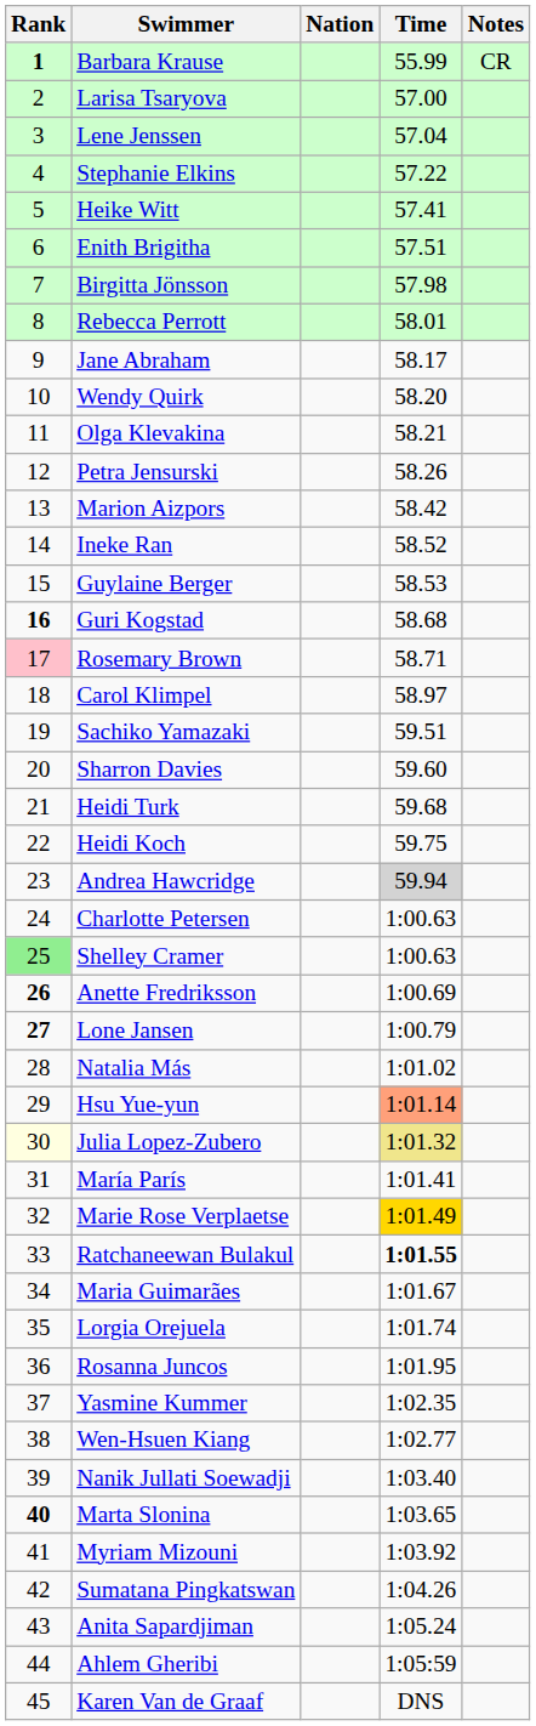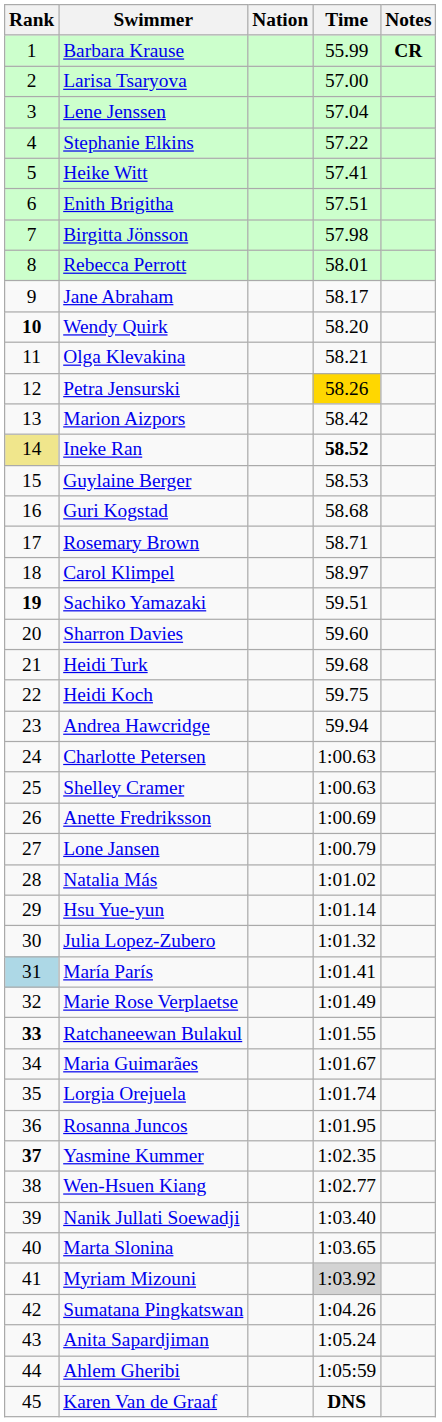 <table class="wikitable sortable" style="text-align:center">
 <tr>
 <th>Rank</th>
 <th>Swimmer</th>
 <th>Nation</th>
 <th>Time</th>
 <th>Notes</th>
 </tr>
 <tr bgcolor=ccffcc>
-<td><strong>1</strong></td>
+<td>1</td>
 <td align=left><a href='#'>Barbara Krause</a></td>
 <td align=left></td>
 <td>55.99</td>
-<td>CR</td>
+<td><strong>CR</strong></td>
 </tr>
 <tr bgcolor=ccffcc>
 <td>2</td>
 <td align=left><a href='#'>Larisa Tsaryova</a></td>
 <td align=left></td>
 <td>57.00</td>
 <td></td>
 </tr>
 <tr bgcolor=ccffcc>
 <td>3</td>
 <td align=left><a href='#'>Lene Jenssen</a></td>
 <td align=left></td>
 <td>57.04</td>
 <td></td>
 </tr>
 <tr bgcolor=ccffcc>
 <td>4</td>
 <td align=left><a href='#'>Stephanie Elkins</a></td>
 <td align=left></td>
 <td>57.22</td>
 <td></td>
 </tr>
 <tr bgcolor=ccffcc>
 <td>5</td>
 <td align=left><a href='#'>Heike Witt</a></td>
 <td align=left></td>
 <td>57.41</td>
 <td></td>
 </tr>
 <tr bgcolor=ccffcc>
 <td>6</td>
 <td align=left><a href='#'>Enith Brigitha</a></td>
 <td align=left></td>
 <td>57.51</td>
 <td></td>
 </tr>
 <tr bgcolor=ccffcc>
 <td>7</td>
 <td align=left><a href='#'>Birgitta Jönsson</a></td>
 <td align=left></td>
 <td>57.98</td>
 <td></td>
 </tr>
 <tr bgcolor=ccffcc>
 <td>8</td>
 <td align=left><a href='#'>Rebecca Perrott</a></td>
 <td align=left></td>
 <td>58.01</td>
 <td></td>
 </tr>
 <tr>
 <td>9</td>
 <td align=left><a href='#'>Jane Abraham</a></td>
 <td align=left></td>
 <td>58.17</td>
 <td></td>
 </tr>
 <tr>
-<td>10</td>
+<td><strong>10</strong></td>
 <td align=left><a href='#'>Wendy Quirk</a></td>
 <td align=left></td>
 <td>58.20</td>
 <td></td>
 </tr>
 <tr>
 <td>11</td>
 <td align=left><a href='#'>Olga Klevakina</a></td>
 <td align=left></td>
 <td>58.21</td>
 <td></td>
 </tr>
 <tr>
 <td>12</td>
 <td align=left><a href='#'>Petra Jensurski</a></td>
 <td align=left></td>
-<td>58.26</td>
+<td style="background: gold;">58.26</td>
 <td></td>
 </tr>
 <tr>
 <td>13</td>
 <td align=left><a href='#'>Marion Aizpors</a></td>
 <td align=left></td>
 <td>58.42</td>
 <td></td>
 </tr>
 <tr>
-<td>14</td>
+<td style="background: khaki;">14</td>
 <td align=left><a href='#'>Ineke Ran</a></td>
 <td align=left></td>
-<td>58.52</td>
+<td><strong>58.52</strong></td>
 <td></td>
 </tr>
 <tr>
 <td>15</td>
 <td align=left><a href='#'>Guylaine Berger</a></td>
 <td align=left></td>
 <td>58.53</td>
 <td></td>
 </tr>
 <tr>
-<td><strong>16</strong></td>
+<td>16</td>
 <td align=left><a href='#'>Guri Kogstad</a></td>
 <td align=left></td>
 <td>58.68</td>
 <td></td>
 </tr>
 <tr>
-<td style="background: pink;">17</td>
+<td>17</td>
 <td align=left><a href='#'>Rosemary Brown</a></td>
 <td align=left></td>
 <td>58.71</td>
 <td></td>
 </tr>
 <tr>
 <td>18</td>
 <td align=left><a href='#'>Carol Klimpel</a></td>
 <td align=left></td>
 <td>58.97</td>
 <td></td>
 </tr>
 <tr>
-<td>19</td>
+<td><strong>19</strong></td>
 <td align=left><a href='#'>Sachiko Yamazaki</a></td>
 <td align=left></td>
 <td>59.51</td>
 <td></td>
 </tr>
 <tr>
 <td>20</td>
 <td align=left><a href='#'>Sharron Davies</a></td>
 <td align=left></td>
 <td>59.60</td>
 <td></td>
 </tr>
 <tr>
 <td>21</td>
 <td align=left><a href='#'>Heidi Turk</a></td>
 <td align=left></td>
 <td>59.68</td>
 <td></td>
 </tr>
 <tr>
 <td>22</td>
 <td align=left><a href='#'>Heidi Koch</a></td>
 <td align=left></td>
 <td>59.75</td>
 <td></td>
 </tr>
 <tr>
 <td>23</td>
 <td align=left><a href='#'>Andrea Hawcridge</a></td>
 <td align=left></td>
-<td style="background: lightgrey;">59.94</td>
+<td>59.94</td>
 <td></td>
 </tr>
 <tr>
 <td>24</td>
 <td align=left><a href='#'>Charlotte Petersen</a></td>
 <td align=left></td>
 <td>1:00.63</td>
 <td></td>
 </tr>
 <tr>
-<td style="background: lightgreen;">25</td>
+<td>25</td>
 <td align=left><a href='#'>Shelley Cramer</a></td>
 <td align=left></td>
 <td>1:00.63</td>
 <td></td>
 </tr>
 <tr>
-<td><strong>26</strong></td>
+<td>26</td>
 <td align=left><a href='#'>Anette Fredriksson</a></td>
 <td align=left></td>
 <td>1:00.69</td>
 <td></td>
 </tr>
 <tr>
-<td><strong>27</strong></td>
+<td>27</td>
 <td align=left><a href='#'>Lone Jansen</a></td>
 <td align=left></td>
 <td>1:00.79</td>
 <td></td>
 </tr>
 <tr>
 <td>28</td>
 <td align=left><a href='#'>Natalia Más</a></td>
 <td align=left></td>
 <td>1:01.02</td>
 <td></td>
 </tr>
 <tr>
 <td>29</td>
 <td align=left><a href='#'>Hsu Yue-yun</a></td>
 <td align=left></td>
-<td style="background: lightsalmon;">1:01.14</td>
+<td>1:01.14</td>
 <td></td>
 </tr>
 <tr>
-<td style="background: lightyellow;">30</td>
+<td>30</td>
 <td align=left><a href='#'>Julia Lopez-Zubero</a></td>
 <td align=left></td>
-<td style="background: khaki;">1:01.32</td>
+<td>1:01.32</td>
 <td></td>
 </tr>
 <tr>
-<td>31</td>
+<td style="background: lightblue;">31</td>
 <td align=left><a href='#'>María París</a></td>
 <td align=left></td>
 <td>1:01.41</td>
 <td></td>
 </tr>
 <tr>
 <td>32</td>
 <td align=left><a href='#'>Marie Rose Verplaetse</a></td>
 <td align=left></td>
-<td style="background: gold;">1:01.49</td>
+<td>1:01.49</td>
 <td></td>
 </tr>
 <tr>
-<td>33</td>
+<td><strong>33</strong></td>
 <td align=left><a href='#'>Ratchaneewan Bulakul</a></td>
 <td align=left></td>
-<td><strong>1:01.55</strong></td>
+<td>1:01.55</td>
 <td></td>
 </tr>
 <tr>
 <td>34</td>
 <td align=left><a href='#'>Maria Guimarães</a></td>
 <td align=left></td>
 <td>1:01.67</td>
 <td></td>
 </tr>
 <tr>
 <td>35</td>
 <td align=left><a href='#'>Lorgia Orejuela</a></td>
 <td align=left></td>
 <td>1:01.74</td>
 <td></td>
 </tr>
 <tr>
 <td>36</td>
 <td align=left><a href='#'>Rosanna Juncos</a></td>
 <td align=left></td>
 <td>1:01.95</td>
 <td></td>
 </tr>
 <tr>
-<td>37</td>
+<td><strong>37</strong></td>
 <td align=left><a href='#'>Yasmine Kummer</a></td>
 <td align=left></td>
 <td>1:02.35</td>
 <td></td>
 </tr>
 <tr>
 <td>38</td>
 <td align=left><a href='#'>Wen-Hsuen Kiang</a></td>
 <td align=left></td>
 <td>1:02.77</td>
 <td></td>
 </tr>
 <tr>
 <td>39</td>
 <td align=left><a href='#'>Nanik Jullati Soewadji</a></td>
 <td align=left></td>
 <td>1:03.40</td>
 <td></td>
 </tr>
 <tr>
-<td><strong>40</strong></td>
+<td>40</td>
 <td align=left><a href='#'>Marta Slonina</a></td>
 <td align=left></td>
 <td>1:03.65</td>
 <td></td>
 </tr>
 <tr>
 <td>41</td>
 <td align=left><a href='#'>Myriam Mizouni</a></td>
 <td align=left></td>
-<td>1:03.92</td>
+<td style="background: lightgrey;">1:03.92</td>
 <td></td>
 </tr>
 <tr>
 <td>42</td>
 <td align=left><a href='#'>Sumatana Pingkatswan</a></td>
 <td align=left></td>
 <td>1:04.26</td>
 <td></td>
 </tr>
 <tr>
 <td>43</td>
 <td align=left><a href='#'>Anita Sapardjiman</a></td>
 <td align=left></td>
 <td>1:05.24</td>
 <td></td>
 </tr>
 <tr>
 <td>44</td>
 <td align=left><a href='#'>Ahlem Gheribi</a></td>
 <td align=left></td>
 <td>1:05:59</td>
 <td></td>
 </tr>
 <tr>
 <td>45</td>
 <td align=left><a href='#'>Karen Van de Graaf</a></td>
 <td align=left></td>
-<td>DNS</td>
+<td><strong>DNS</strong></td>
 <td></td>
 </tr>
 </table>
